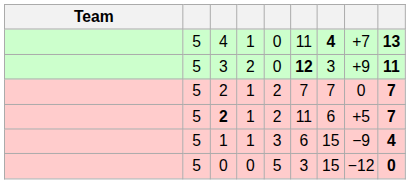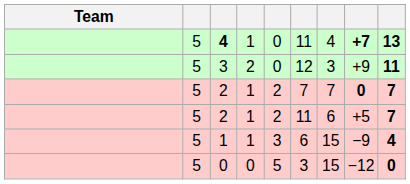 <table class=wikitable style="text-align:center">
 <tr>
 <th width="175">Team</th>
 <th width="20"></th>
 <th width="20"></th>
 <th width="20"></th>
 <th width="20"></th>
 <th width="20"></th>
 <th width="20"></th>
 <th width="20"></th>
 <th width="20"></th>
 </tr>
 <tr bgcolor=ccffcc>
 <td align=left></td>
 <td>5</td>
-<td>4</td>
+<td><strong>4</strong></td>
 <td>1</td>
 <td>0</td>
 <td>11</td>
-<td><strong>4</strong></td>
-<td>+7</td>
+<td>4</td>
+<td><strong>+7</strong></td>
 <td><strong>13</strong></td>
 </tr>
 <tr bgcolor=ccffcc>
 <td align=left></td>
 <td>5</td>
 <td>3</td>
 <td>2</td>
 <td>0</td>
-<td><strong>12</strong></td>
+<td>12</td>
 <td>3</td>
 <td>+9</td>
 <td><strong>11</strong></td>
 </tr>
 <tr bgcolor=ffcccc>
 <td align=left></td>
 <td>5</td>
 <td>2</td>
 <td>1</td>
 <td>2</td>
 <td>7</td>
 <td>7</td>
-<td>0</td>
+<td><strong>0</strong></td>
 <td><strong>7</strong></td>
 </tr>
 <tr bgcolor=ffcccc>
 <td align=left></td>
 <td>5</td>
-<td><strong>2</strong></td>
+<td>2</td>
 <td>1</td>
 <td>2</td>
 <td>11</td>
 <td>6</td>
 <td>+5</td>
 <td><strong>7</strong></td>
 </tr>
 <tr bgcolor=ffcccc>
 <td align=left></td>
 <td>5</td>
 <td>1</td>
 <td>1</td>
 <td>3</td>
 <td>6</td>
 <td>15</td>
 <td>−9</td>
 <td><strong>4</strong></td>
 </tr>
 <tr bgcolor=ffcccc>
 <td align=left></td>
 <td>5</td>
 <td>0</td>
 <td>0</td>
 <td>5</td>
 <td>3</td>
 <td>15</td>
 <td>−12</td>
 <td><strong>0</strong></td>
 </tr>
 </table>
